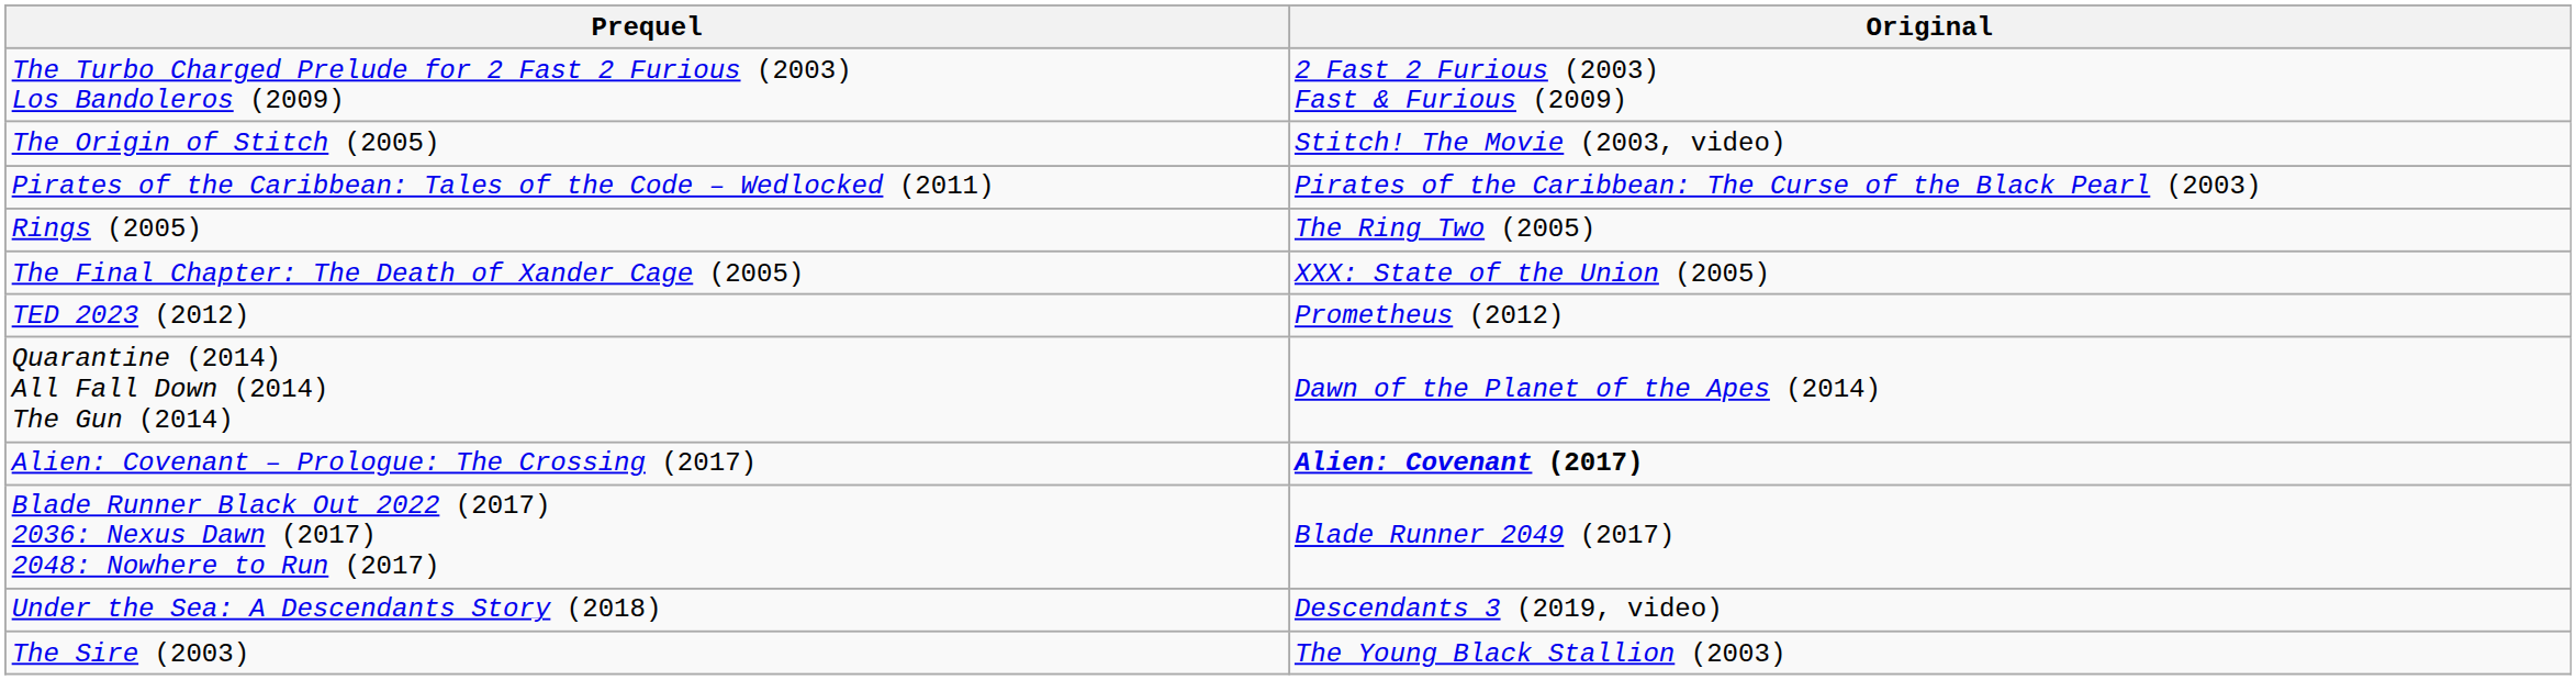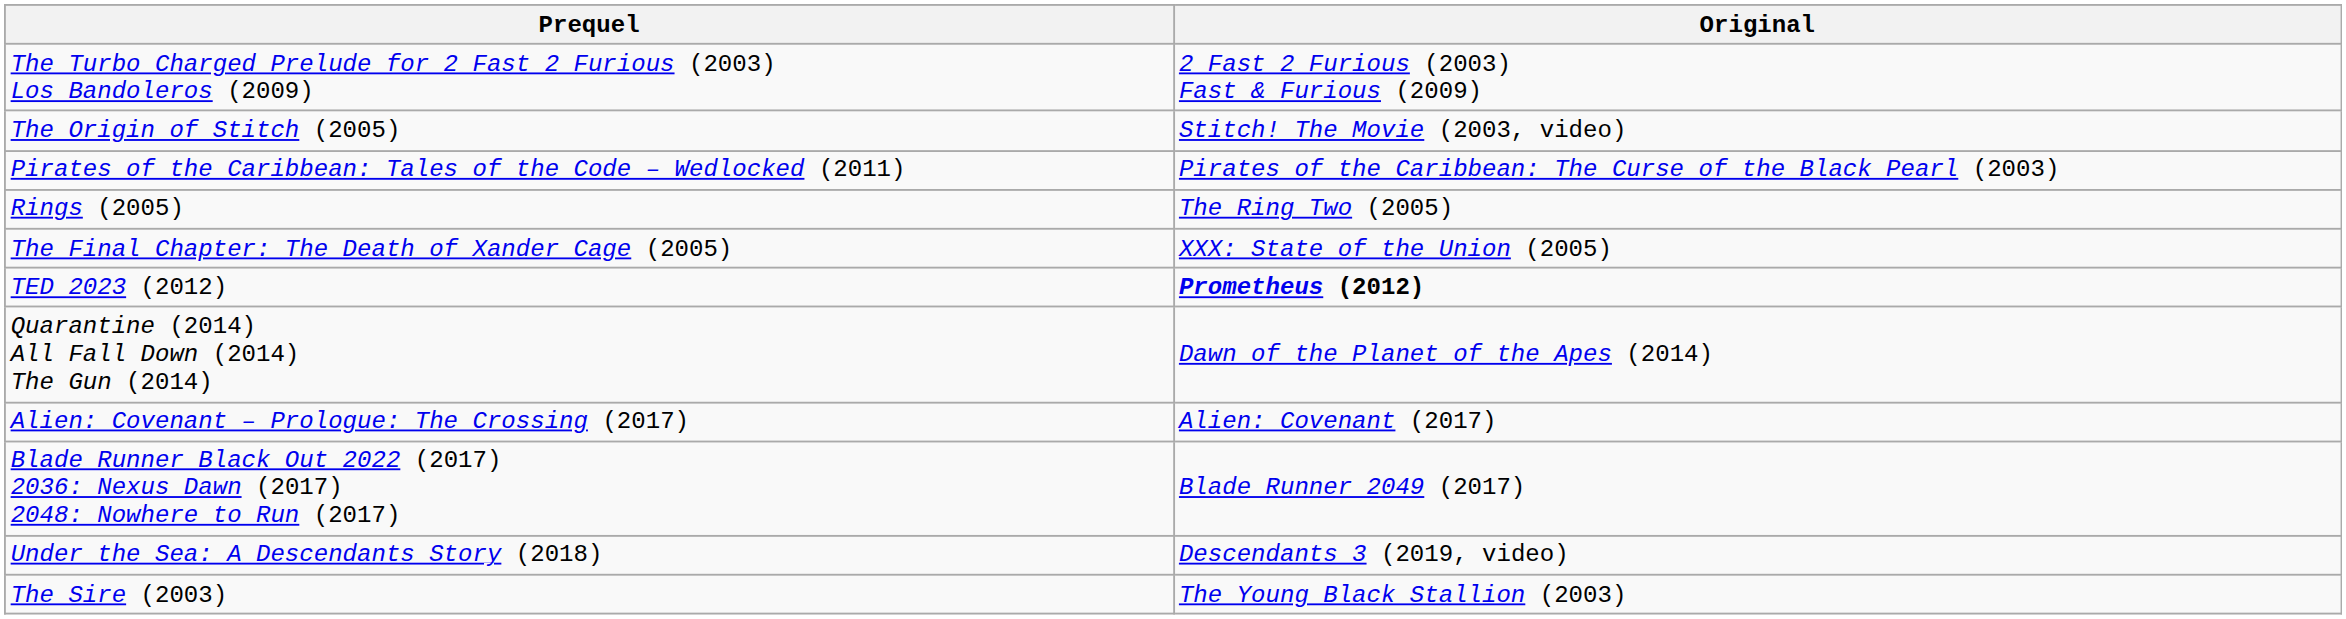 <table class="wikitable sortable" style="width:100%;">
 <tr>
 <th width="50%">Prequel</th>
 <th>Original</th>
 </tr>
 <tr>
 <td><em><a href='#'>The Turbo Charged Prelude for 2 Fast 2 Furious</a></em> (2003)<br><em><a href='#'>Los Bandoleros</a></em> (2009)</td>
 <td><em><a href='#'>2 Fast 2 Furious</a></em> (2003)<br><em><a href='#'>Fast & Furious</a></em> (2009)</td>
 </tr>
 <tr>
 <td><em><a href='#'>The Origin of Stitch</a></em> (2005)</td>
 <td><em><a href='#'>Stitch! The Movie</a></em> (2003, video)</td>
 </tr>
 <tr>
 <td><em><a href='#'>Pirates of the Caribbean: Tales of the Code – Wedlocked</a></em> (2011)</td>
 <td><em><a href='#'>Pirates of the Caribbean: The Curse of the Black Pearl</a></em> (2003)</td>
 </tr>
 <tr>
 <td><em><a href='#'>Rings</a></em> (2005)</td>
 <td><em><a href='#'>The Ring Two</a></em> (2005)</td>
 </tr>
 <tr>
 <td><em><a href='#'>The Final Chapter: The Death of Xander Cage</a></em> (2005)</td>
 <td><em><a href='#'>XXX: State of the Union</a></em> (2005)</td>
 </tr>
 <tr>
 <td><em><a href='#'>TED 2023</a></em> (2012)</td>
-<td><em><a href='#'>Prometheus</a></em> (2012)</td>
+<td><strong><em><a href='#'>Prometheus</a></em> (2012)</strong></td>
 </tr>
 <tr>
 <td><em>Quarantine</em> (2014)<br><em>All Fall Down</em> (2014)<br><em>The Gun</em> (2014)</td>
 <td><em><a href='#'>Dawn of the Planet of the Apes</a></em> (2014)</td>
 </tr>
 <tr>
 <td><em><a href='#'>Alien: Covenant – Prologue: The Crossing</a></em> (2017)</td>
-<td><strong><em><a href='#'>Alien: Covenant</a></em> (2017)</strong></td>
+<td><em><a href='#'>Alien: Covenant</a></em> (2017)</td>
 </tr>
 <tr>
 <td><em><a href='#'>Blade Runner Black Out 2022</a></em> (2017)<br><em><a href='#'>2036: Nexus Dawn</a></em> (2017)<br><em><a href='#'>2048: Nowhere to Run</a></em> (2017)</td>
 <td><em><a href='#'>Blade Runner 2049</a></em> (2017)</td>
 </tr>
 <tr>
 <td><em><a href='#'>Under the Sea: A Descendants Story</a></em> (2018)</td>
 <td><em><a href='#'>Descendants 3</a></em> (2019, video)</td>
 </tr>
 <tr>
 <td><em><a href='#'>The Sire</a></em> (2003)</td>
 <td><em><a href='#'>The Young Black Stallion</a></em> (2003)</td>
 </tr>
 </table>
